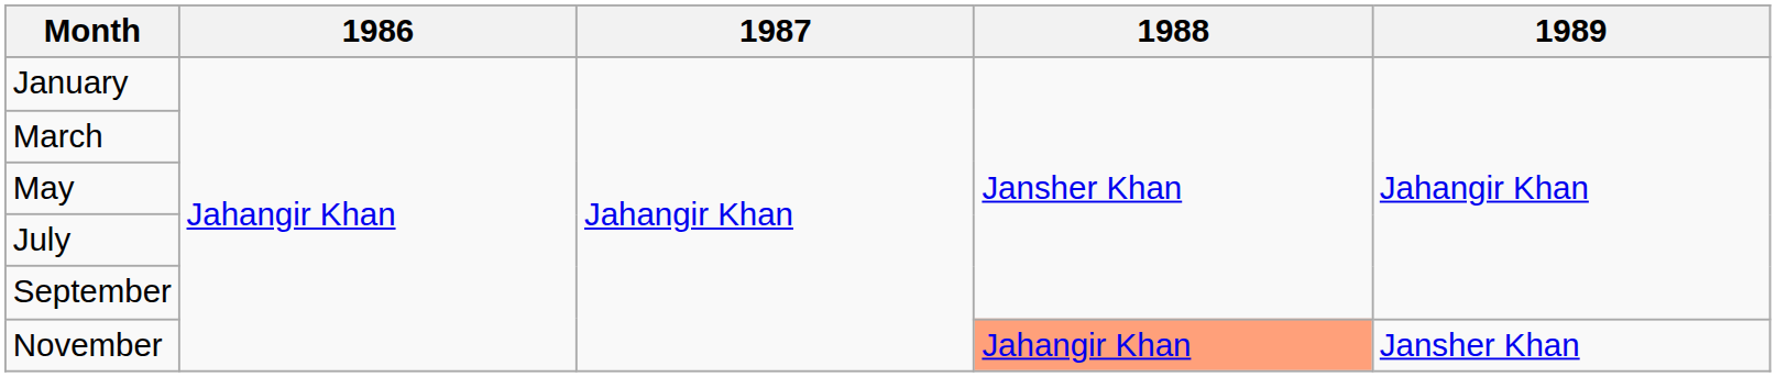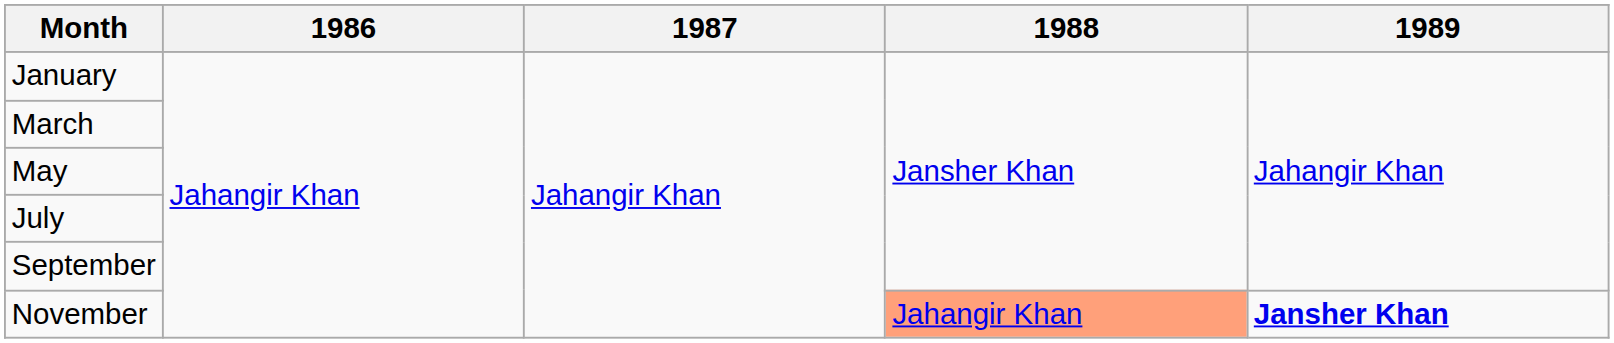 <table class=wikitable style="font-size:98%;">
 <tr>
 <th style="width:75px;">Month</th>
 <th style="width:185px;">1986</th>
 <th style="width:185px;">1987</th>
 <th style="width:185px;">1988</th>
 <th style="width:185px;">1989</th>
 </tr>
 <tr>
 <td>January</td>
 <td style="text-align:left;" rowspan="6"> <a href='#'>Jahangir Khan</a></td>
 <td style="text-align:left;" rowspan="6"> <a href='#'>Jahangir Khan</a></td>
 <td style="text-align:left;" rowspan="5"> <a href='#'>Jansher Khan</a></td>
 <td style="text-align:left;" rowspan="5"> <a href='#'>Jahangir Khan</a></td>
 </tr>
 <tr>
 <td>March</td>
 </tr>
 <tr>
 <td>May</td>
 </tr>
 <tr>
 <td>July</td>
 </tr>
 <tr>
 <td>September</td>
 </tr>
 <tr>
 <td>November</td>
 <td style="background: lightsalmon;"> <a href='#'>Jahangir Khan</a></td>
-<td> <a href='#'>Jansher Khan</a></td>
+<td><strong> <a href='#'>Jansher Khan</a></strong></td>
 </tr>
 </table>
